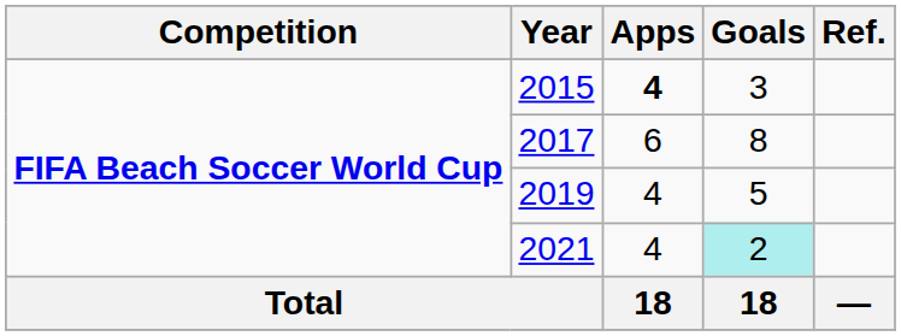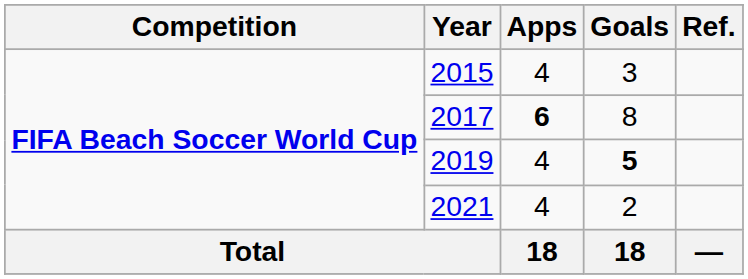 <table class="wikitable" style="text-align:center;">
 <tr>
 <th>Competition</th>
 <th>Year</th>
 <th>Apps</th>
 <th>Goals</th>
 <th>Ref.</th>
 </tr>
 <tr>
 <td rowspan="4"><strong><a href='#'>FIFA Beach Soccer World Cup</a></strong></td>
 <td> <a href='#'>2015</a></td>
-<td><strong>4</strong></td>
+<td>4</td>
 <td>3</td>
 <td></td>
 </tr>
 <tr>
 <td> <a href='#'>2017</a></td>
-<td>6</td>
+<td><strong>6</strong></td>
 <td>8</td>
 <td></td>
 </tr>
 <tr>
 <td> <a href='#'>2019</a></td>
 <td>4</td>
-<td>5</td>
+<td><strong>5</strong></td>
 <td></td>
 </tr>
 <tr>
 <td> <a href='#'>2021</a></td>
 <td>4</td>
-<td style="background: paleturquoise;">2</td>
+<td>2</td>
 <td></td>
 </tr>
 <tr>
 <th colspan=2>Total</th>
 <th>18</th>
 <th>18</th>
 <th>—</th>
 </tr>
 </table>
